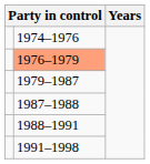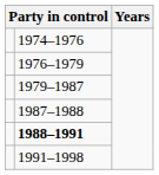 <table class="wikitable">
 <tr>
 <th colspan="2">Party in control</th>
 <th>Years</th>
 </tr>
 <tr>
 <td></td>
 <td>1974–1976</td>
 </tr>
 <tr>
 <td></td>
-<td style="background: lightsalmon;">1976–1979</td>
+<td>1976–1979</td>
 </tr>
 <tr>
 <td></td>
 <td>1979–1987</td>
 </tr>
 <tr>
 <td></td>
 <td>1987–1988</td>
 </tr>
 <tr>
 <td></td>
-<td>1988–1991</td>
+<td><strong>1988–1991</strong></td>
 </tr>
 <tr>
 <td></td>
 <td>1991–1998</td>
 </tr>
 </table>
